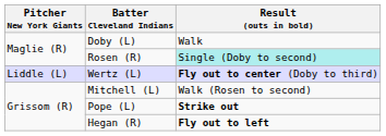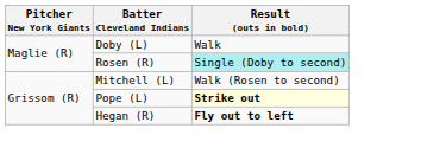 <table class="wikitable plainrowheaders" style="text-align:left">
 <tr>
 <th scope="col">Pitcher<br><small>New York Giants</small></th>
 <th scope="col">Batter<br><small>Cleveland Indians</small></th>
 <th scope="col">Result<br><small>(outs in bold)</small></th>
 </tr>
 <tr>
 <td rowspan=2>Maglie (R)</td>
 <td>Doby (L)</td>
 <td>Walk</td>
 </tr>
 <tr>
 <td>Rosen (R)</td>
 <td style="background: paleturquoise;">Single (Doby to second)</td>
 </tr>
 <tr>
-<td style="background:#ddf;">Liddle (L)</td>
-<td style="background:#ddf;">Wertz (L)</td>
-<td style="background:#ddf;"><strong>Fly out to center</strong> (Doby to third)</td>
-</tr>
-<tr>
 <td rowspan=3>Grissom (R)</td>
 <td>Mitchell (L)</td>
 <td>Walk (Rosen to second)</td>
 </tr>
 <tr>
 <td>Pope (L)</td>
-<td><strong>Strike out</strong></td>
+<td style="background: lightyellow;"><strong>Strike out</strong></td>
 </tr>
 <tr>
 <td>Hegan (R)</td>
 <td><strong>Fly out to left</strong></td>
 </tr>
 </table>
